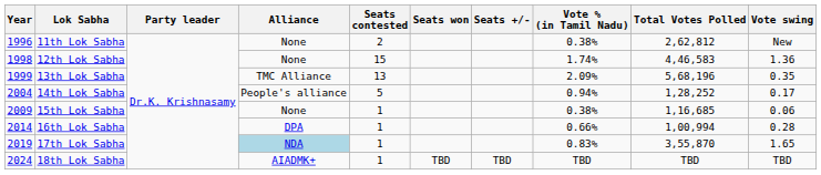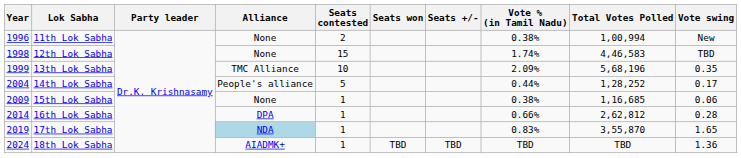 <table class="wikitable sortable">
 <tr>
 <th Style="background-color:">Year</th>
 <th Style="background-color:">Lok Sabha</th>
 <th Style="background-color:">Party leader</th>
 <th Style="background-color:">Alliance</th>
 <th Style="background-color:">Seats<br>contested</th>
 <th Style="background-color:">Seats won</th>
 <th Style="background-color:">Seats +/-</th>
 <th Style="background-color:">Vote %<br>(in Tamil Nadu)</th>
 <th Style="background-color:">Total Votes Polled</th>
 <th Style="background-color:">Vote swing</th>
 </tr>
 <tr style="text-align:center;">
 <td><a href='#'>1996</a></td>
 <td><a href='#'>11th Lok Sabha</a></td>
 <td rowspan=8><a href='#'>Dr.K. Krishnasamy</a></td>
 <td>None</td>
 <td>2</td>
 <td></td>
 <td></td>
 <td>0.38%</td>
-<td>2,62,812</td>
+<td>1,00,994</td>
 <td>New</td>
 </tr>
 <tr style="text-align:center;">
 <td><a href='#'>1998</a></td>
 <td><a href='#'>12th Lok Sabha</a></td>
 <td>None</td>
 <td>15</td>
 <td></td>
 <td></td>
 <td>1.74%</td>
 <td>4,46,583</td>
-<td>1.36</td>
+<td>TBD</td>
 </tr>
 <tr style="text-align:center;">
 <td><a href='#'>1999</a></td>
 <td><a href='#'>13th Lok Sabha</a></td>
 <td>TMC Alliance</td>
-<td>13</td>
+<td>10</td>
 <td></td>
 <td></td>
 <td>2.09%</td>
 <td>5,68,196</td>
 <td>0.35</td>
 </tr>
 <tr style="text-align:center;">
 <td><a href='#'>2004</a></td>
 <td><a href='#'>14th Lok Sabha</a></td>
 <td>People's alliance</td>
 <td>5</td>
 <td></td>
 <td></td>
-<td>0.94%</td>
+<td>0.44%</td>
 <td>1,28,252</td>
 <td>0.17</td>
 </tr>
 <tr style="text-align:center;">
 <td><a href='#'>2009</a></td>
 <td><a href='#'>15th Lok Sabha</a></td>
 <td>None</td>
 <td>1</td>
 <td></td>
 <td></td>
 <td>0.38%</td>
 <td>1,16,685</td>
 <td>0.06</td>
 </tr>
 <tr style="text-align:center;">
 <td><a href='#'>2014</a></td>
 <td><a href='#'>16th Lok Sabha</a></td>
 <td><a href='#'>DPA</a></td>
 <td>1</td>
 <td></td>
 <td></td>
 <td>0.66%</td>
-<td>1,00,994</td>
+<td>2,62,812</td>
 <td>0.28</td>
 </tr>
 <tr style="text-align:center;">
 <td><a href='#'>2019</a></td>
 <td><a href='#'>17th Lok Sabha</a></td>
 <td style="background: lightblue;"><a href='#'>NDA</a></td>
 <td>1</td>
 <td></td>
 <td></td>
 <td>0.83%</td>
 <td>3,55,870</td>
 <td>1.65</td>
 </tr>
 <tr style="text-align:center;">
 <td><a href='#'>2024</a></td>
 <td><a href='#'>18th Lok Sabha</a></td>
 <td><a href='#'>AIADMK+</a></td>
 <td>1</td>
 <td>TBD</td>
 <td>TBD</td>
 <td>TBD</td>
 <td>TBD</td>
-<td>TBD</td>
+<td>1.36</td>
 </tr>
 </table>
